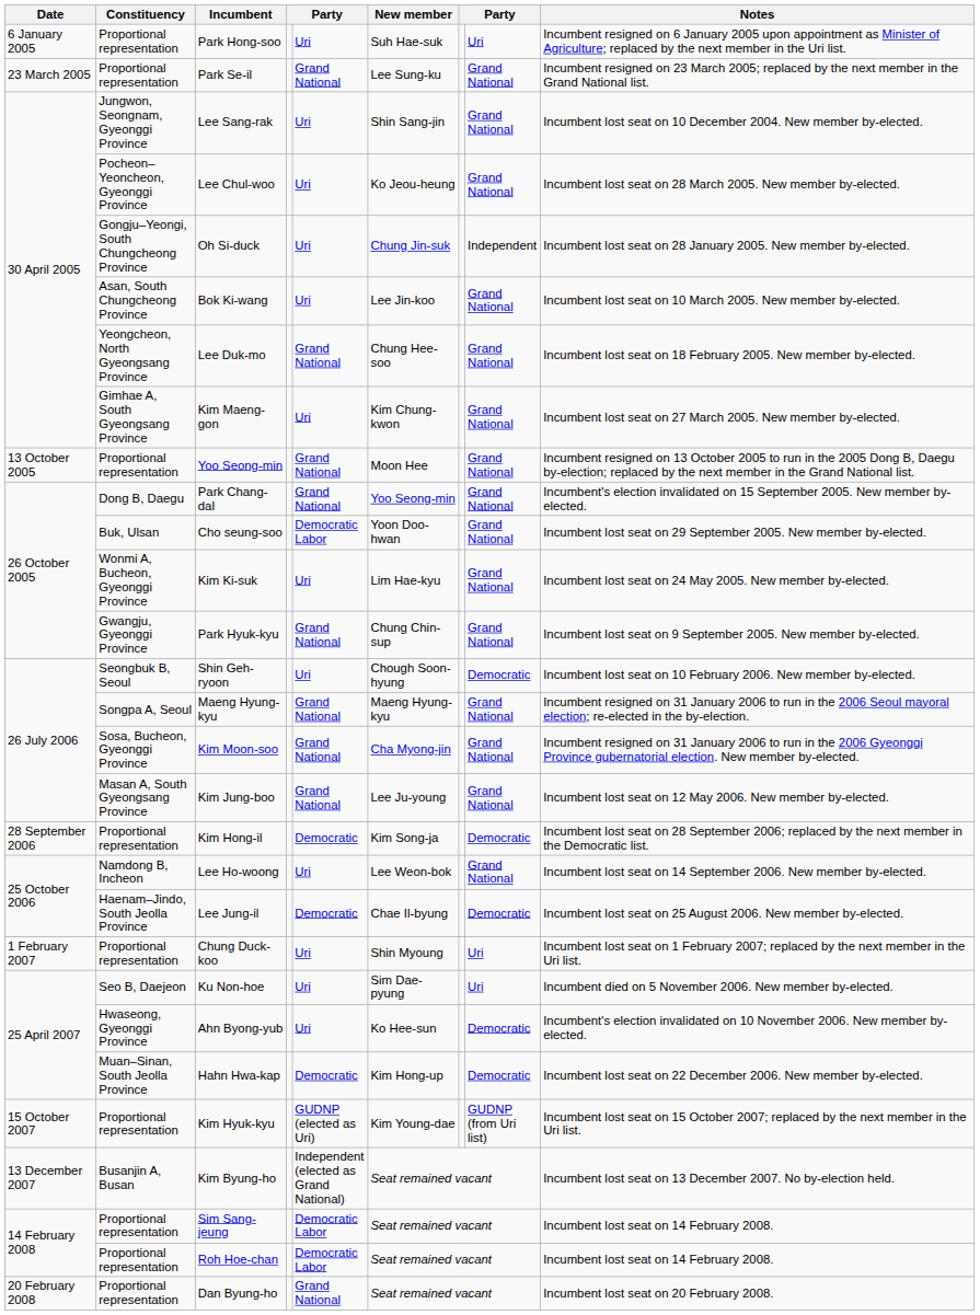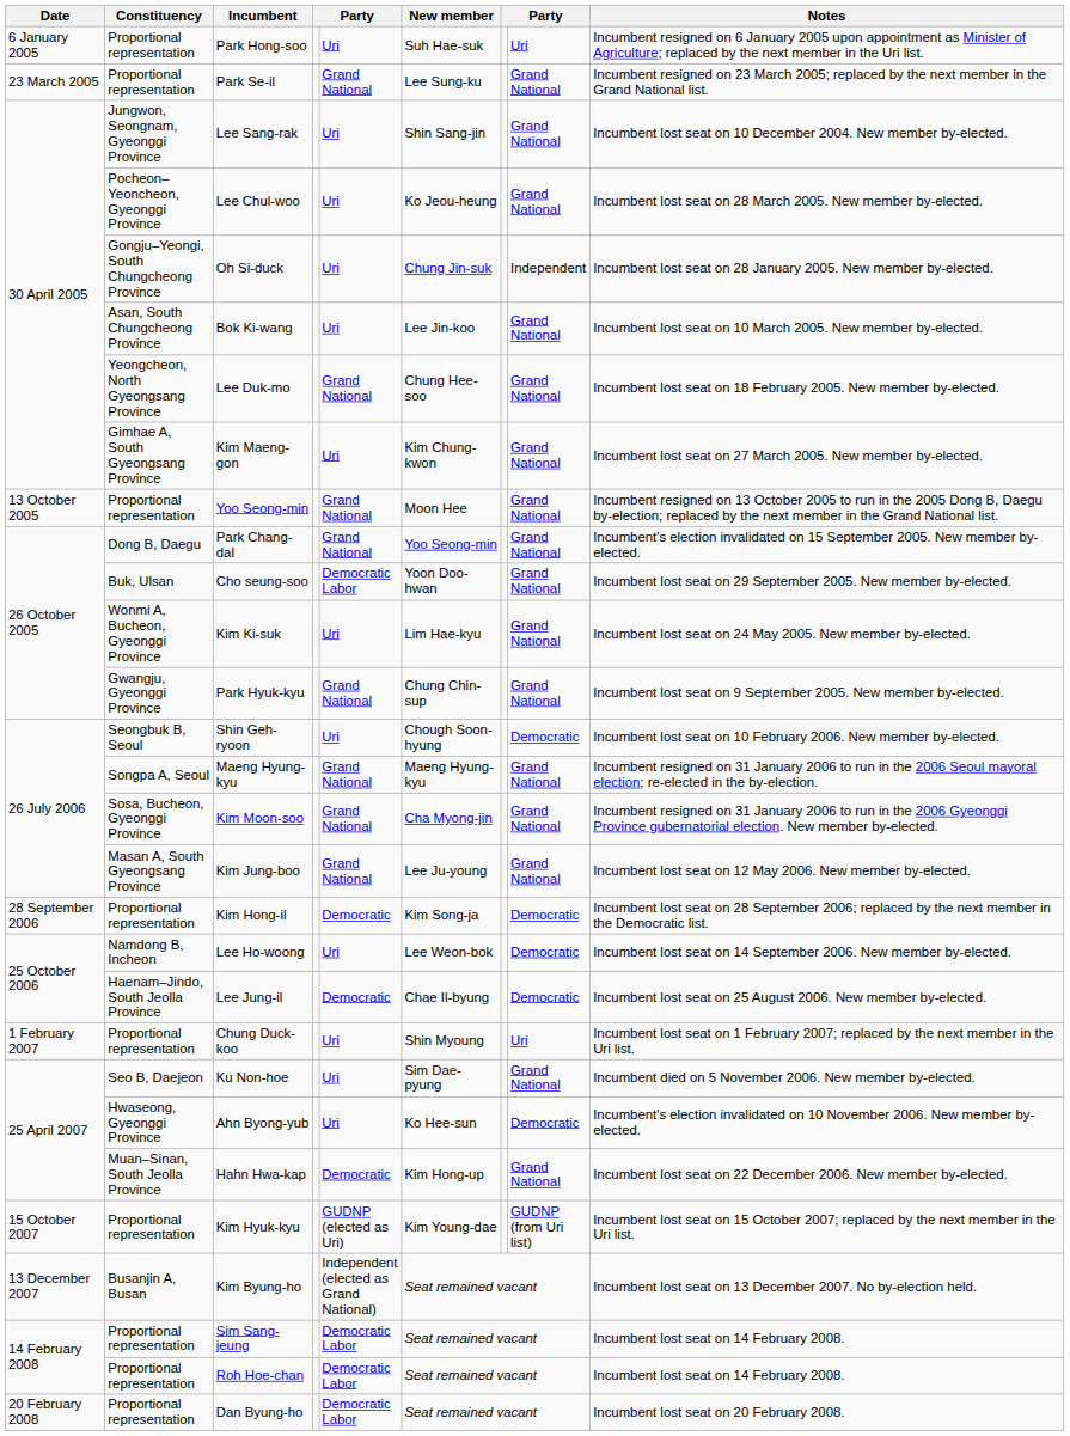 <table class="wikitable sortable plainrowheaders">
 <tr>
 <th width="110px">Date</th>
 <th width="120px">Constituency</th>
 <th width="110px">Incumbent</th>
 <th colspan="2">Party</th>
 <th width="110px">New member</th>
 <th colspan="2">Party</th>
 <th class="unsortable">Notes</th>
 </tr>
 <tr>
 <td>6 January 2005</td>
 <td>Proportional representation</td>
 <td>Park Hong-soo</td>
 <td bgcolor=></td>
 <td width="90px"><a href='#'>Uri</a></td>
 <td>Suh Hae-suk</td>
 <td></td>
 <td width="90px"><a href='#'>Uri</a></td>
 <td>Incumbent resigned on 6 January 2005 upon appointment as <a href='#'>Minister of Agriculture</a>; replaced by the next member in the Uri list.</td>
 </tr>
 <tr>
 <td>23 March 2005</td>
 <td>Proportional representation</td>
 <td>Park Se-il</td>
 <td></td>
 <td><a href='#'>Grand National</a></td>
 <td>Lee Sung-ku</td>
 <td></td>
 <td><a href='#'>Grand National</a></td>
 <td>Incumbent resigned on 23 March 2005; replaced by the next member in the Grand National list.</td>
 </tr>
 <tr>
 <td rowspan="6">30 April 2005</td>
 <td>Jungwon, Seongnam, Gyeonggi Province</td>
 <td>Lee Sang-rak</td>
 <td></td>
 <td><a href='#'>Uri</a></td>
 <td>Shin Sang-jin</td>
 <td></td>
 <td><a href='#'>Grand National</a></td>
 <td>Incumbent lost seat on 10 December 2004. New member by-elected.</td>
 </tr>
 <tr>
 <td>Pocheon–Yeoncheon, Gyeonggi Province</td>
 <td>Lee Chul-woo</td>
 <td></td>
 <td><a href='#'>Uri</a></td>
 <td>Ko Jeou-heung</td>
 <td></td>
 <td><a href='#'>Grand National</a></td>
 <td>Incumbent lost seat on 28 March 2005. New member by-elected.</td>
 </tr>
 <tr>
 <td>Gongju–Yeongi, South Chungcheong Province</td>
 <td>Oh Si-duck</td>
 <td></td>
 <td><a href='#'>Uri</a></td>
 <td><a href='#'>Chung Jin-suk</a></td>
 <td></td>
 <td>Independent</td>
 <td>Incumbent lost seat on 28 January 2005. New member by-elected.</td>
 </tr>
 <tr>
 <td>Asan, South Chungcheong Province</td>
 <td>Bok Ki-wang</td>
 <td></td>
 <td><a href='#'>Uri</a></td>
 <td>Lee Jin-koo</td>
 <td></td>
 <td><a href='#'>Grand National</a></td>
 <td>Incumbent lost seat on 10 March 2005. New member by-elected.</td>
 </tr>
 <tr>
 <td>Yeongcheon, North Gyeongsang Province</td>
 <td>Lee Duk-mo</td>
 <td></td>
 <td><a href='#'>Grand National</a></td>
 <td>Chung Hee-soo</td>
 <td></td>
 <td><a href='#'>Grand National</a></td>
 <td>Incumbent lost seat on 18 February 2005. New member by-elected.</td>
 </tr>
 <tr>
 <td>Gimhae A, South Gyeongsang Province</td>
 <td>Kim Maeng-gon</td>
 <td></td>
 <td><a href='#'>Uri</a></td>
 <td>Kim Chung-kwon</td>
 <td></td>
 <td><a href='#'>Grand National</a></td>
 <td>Incumbent lost seat on 27 March 2005. New member by-elected.</td>
 </tr>
 <tr>
 <td>13 October 2005</td>
 <td>Proportional representation</td>
 <td><a href='#'>Yoo Seong-min</a></td>
 <td></td>
 <td><a href='#'>Grand National</a></td>
 <td>Moon Hee</td>
 <td></td>
 <td><a href='#'>Grand National</a></td>
 <td>Incumbent resigned on 13 October 2005 to run in the 2005 Dong B, Daegu by-election; replaced by the next member in the Grand National list.</td>
 </tr>
 <tr>
 <td rowspan="4">26 October 2005</td>
 <td>Dong B, Daegu</td>
 <td>Park Chang-dal</td>
 <td></td>
 <td><a href='#'>Grand National</a></td>
 <td><a href='#'>Yoo Seong-min</a></td>
 <td></td>
 <td><a href='#'>Grand National</a></td>
 <td>Incumbent's election invalidated on 15 September 2005. New member by-elected.</td>
 </tr>
 <tr>
 <td>Buk, Ulsan</td>
 <td>Cho seung-soo</td>
 <td></td>
 <td><a href='#'>Democratic Labor</a></td>
 <td>Yoon Doo-hwan</td>
 <td></td>
 <td><a href='#'>Grand National</a></td>
 <td>Incumbent lost seat on 29 September 2005. New member by-elected.</td>
 </tr>
 <tr>
 <td>Wonmi A, Bucheon, Gyeonggi Province</td>
 <td>Kim Ki-suk</td>
 <td></td>
 <td><a href='#'>Uri</a></td>
 <td>Lim Hae-kyu</td>
 <td></td>
 <td><a href='#'>Grand National</a></td>
 <td>Incumbent lost seat on 24 May 2005. New member by-elected.</td>
 </tr>
 <tr>
 <td>Gwangju, Gyeonggi Province</td>
 <td>Park Hyuk-kyu</td>
 <td></td>
 <td><a href='#'>Grand National</a></td>
 <td>Chung Chin-sup</td>
 <td></td>
 <td><a href='#'>Grand National</a></td>
 <td>Incumbent lost seat on 9 September 2005. New member by-elected.</td>
 </tr>
 <tr>
 <td rowspan="4">26 July 2006</td>
 <td>Seongbuk B, Seoul</td>
 <td>Shin Geh-ryoon</td>
 <td></td>
 <td><a href='#'>Uri</a></td>
 <td>Chough Soon-hyung</td>
 <td></td>
 <td><a href='#'>Democratic</a></td>
 <td>Incumbent lost seat on 10 February 2006. New member by-elected.</td>
 </tr>
 <tr>
 <td>Songpa A, Seoul</td>
 <td>Maeng Hyung-kyu</td>
 <td></td>
 <td><a href='#'>Grand National</a></td>
 <td>Maeng Hyung-kyu</td>
 <td></td>
 <td><a href='#'>Grand National</a></td>
 <td>Incumbent resigned on 31 January 2006 to run in the <a href='#'>2006 Seoul mayoral election</a>; re-elected in the by-election.</td>
 </tr>
 <tr>
 <td>Sosa, Bucheon, Gyeonggi Province</td>
 <td><a href='#'>Kim Moon-soo</a></td>
 <td></td>
 <td><a href='#'>Grand National</a></td>
 <td><a href='#'>Cha Myong-jin</a></td>
 <td></td>
 <td><a href='#'>Grand National</a></td>
 <td>Incumbent resigned on 31 January 2006 to run in the <a href='#'>2006 Gyeonggi Province gubernatorial election</a>. New member by-elected.</td>
 </tr>
 <tr>
 <td>Masan A, South Gyeongsang Province</td>
 <td>Kim Jung-boo</td>
 <td></td>
 <td><a href='#'>Grand National</a></td>
 <td>Lee Ju-young</td>
 <td></td>
 <td><a href='#'>Grand National</a></td>
 <td>Incumbent lost seat on 12 May 2006. New member by-elected.</td>
 </tr>
 <tr>
 <td>28 September 2006</td>
 <td>Proportional representation</td>
 <td>Kim Hong-il</td>
 <td></td>
 <td><a href='#'>Democratic</a></td>
 <td>Kim Song-ja</td>
 <td></td>
 <td><a href='#'>Democratic</a></td>
 <td>Incumbent lost seat on 28 September 2006; replaced by the next member in the Democratic list.</td>
 </tr>
 <tr>
 <td rowspan="2">25 October 2006</td>
 <td>Namdong B, Incheon</td>
 <td>Lee Ho-woong</td>
 <td></td>
 <td><a href='#'>Uri</a></td>
 <td>Lee Weon-bok</td>
 <td></td>
-<td><a href='#'>Grand National</a></td>
+<td><a href='#'>Democratic</a></td>
 <td>Incumbent lost seat on 14 September 2006. New member by-elected.</td>
 </tr>
 <tr>
 <td>Haenam–Jindo, South Jeolla Province</td>
 <td>Lee Jung-il</td>
 <td></td>
 <td><a href='#'>Democratic</a></td>
 <td>Chae Il-byung</td>
 <td></td>
 <td><a href='#'>Democratic</a></td>
 <td>Incumbent lost seat on 25 August 2006. New member by-elected.</td>
 </tr>
 <tr>
 <td>1 February 2007</td>
 <td>Proportional representation</td>
 <td>Chung Duck-koo</td>
 <td></td>
 <td><a href='#'>Uri</a></td>
 <td>Shin Myoung</td>
 <td></td>
 <td><a href='#'>Uri</a></td>
 <td>Incumbent lost seat on 1 February 2007; replaced by the next member in the Uri list.</td>
 </tr>
 <tr>
 <td rowspan="3">25 April 2007</td>
 <td>Seo B, Daejeon</td>
 <td>Ku Non-hoe</td>
 <td></td>
 <td><a href='#'>Uri</a></td>
 <td>Sim Dae-pyung</td>
 <td></td>
-<td><a href='#'>Uri</a></td>
+<td><a href='#'>Grand National</a></td>
 <td>Incumbent died on 5 November 2006. New member by-elected.</td>
 </tr>
 <tr>
 <td>Hwaseong, Gyeonggi Province</td>
 <td>Ahn Byong-yub</td>
 <td></td>
 <td><a href='#'>Uri</a></td>
 <td>Ko Hee-sun</td>
 <td></td>
 <td><a href='#'>Democratic</a></td>
 <td>Incumbent's election invalidated on 10 November 2006. New member by-elected.</td>
 </tr>
 <tr>
 <td>Muan–Sinan, South Jeolla Province</td>
 <td>Hahn Hwa-kap</td>
 <td></td>
 <td><a href='#'>Democratic</a></td>
 <td>Kim Hong-up</td>
 <td></td>
-<td><a href='#'>Democratic</a></td>
+<td><a href='#'>Grand National</a></td>
 <td>Incumbent lost seat on 22 December 2006. New member by-elected.</td>
 </tr>
 <tr>
 <td>15 October 2007</td>
 <td>Proportional representation</td>
 <td>Kim Hyuk-kyu</td>
 <td></td>
 <td><a href='#'>GUDNP</a> (elected as Uri)</td>
 <td>Kim Young-dae</td>
 <td></td>
 <td><a href='#'>GUDNP</a> (from Uri list)</td>
 <td>Incumbent lost seat on 15 October 2007; replaced by the next member in the Uri list.</td>
 </tr>
 <tr>
 <td>13 December 2007</td>
 <td>Busanjin A, Busan</td>
 <td>Kim Byung-ho</td>
 <td></td>
 <td>Independent (elected as Grand National)</td>
 <td colspan="3"><em>Seat remained vacant</em></td>
 <td>Incumbent lost seat on 13 December 2007. No by-election held.</td>
 </tr>
 <tr>
 <td rowspan="2">14 February 2008</td>
 <td>Proportional representation</td>
 <td><a href='#'>Sim Sang-jeung</a></td>
 <td></td>
 <td><a href='#'>Democratic Labor</a></td>
 <td colspan="3"><em>Seat remained vacant</em></td>
 <td>Incumbent lost seat on 14 February 2008.</td>
 </tr>
 <tr>
 <td>Proportional representation</td>
 <td><a href='#'>Roh Hoe-chan</a></td>
 <td></td>
 <td><a href='#'>Democratic Labor</a></td>
 <td colspan="3"><em>Seat remained vacant</em></td>
 <td>Incumbent lost seat on 14 February 2008.</td>
 </tr>
 <tr>
 <td>20 February 2008</td>
 <td>Proportional representation</td>
 <td>Dan Byung-ho</td>
 <td></td>
-<td><a href='#'>Grand National</a></td>
+<td><a href='#'>Democratic Labor</a></td>
 <td colspan="3"><em>Seat remained vacant</em></td>
 <td>Incumbent lost seat on 20 February 2008.</td>
 </tr>
 </table>
